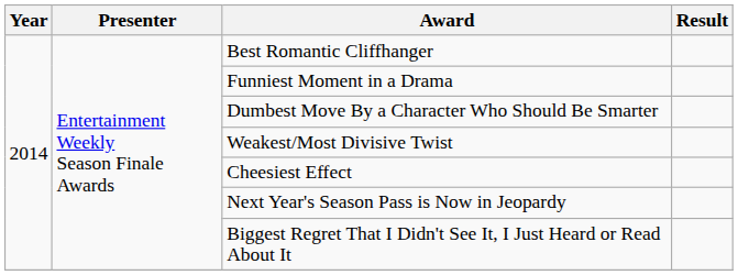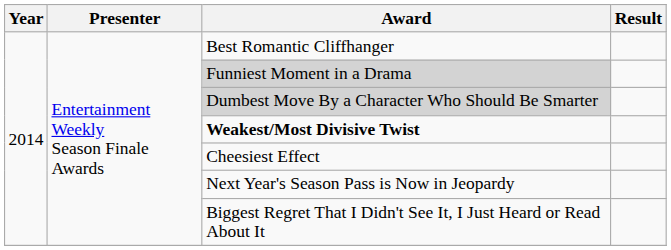 <table class="wikitable">
 <tr>
 <th>Year</th>
 <th>Presenter</th>
 <th>Award</th>
 <th>Result</th>
 </tr>
 <tr>
 <td rowspan="7">2014</td>
 <td rowspan="7"><a href='#'>Entertainment Weekly</a> <br>Season Finale Awards</td>
 <td>Best Romantic Cliffhanger</td>
 <td></td>
 </tr>
 <tr>
-<td>Funniest Moment in a Drama</td>
+<td style="background: lightgrey;">Funniest Moment in a Drama</td>
 <td></td>
 </tr>
 <tr>
-<td>Dumbest Move By a Character Who Should Be Smarter</td>
+<td style="background: lightgrey;">Dumbest Move By a Character Who Should Be Smarter</td>
 <td></td>
 </tr>
 <tr>
-<td>Weakest/Most Divisive Twist</td>
+<td><strong>Weakest/Most Divisive Twist</strong></td>
 <td></td>
 </tr>
 <tr>
 <td>Cheesiest Effect</td>
 <td></td>
 </tr>
 <tr>
 <td>Next Year's Season Pass is Now in Jeopardy</td>
 <td></td>
 </tr>
 <tr>
 <td>Biggest Regret That I Didn't See It, I Just Heard or Read About It</td>
 <td></td>
 </tr>
 <tr>
 </tr>
 </table>
